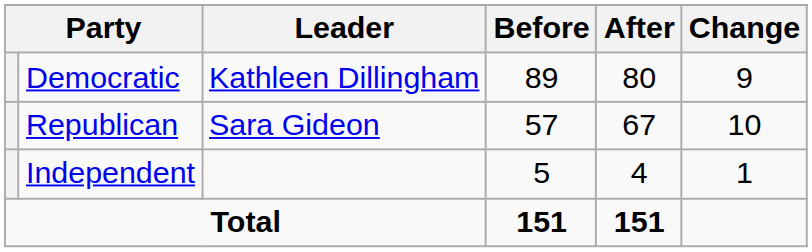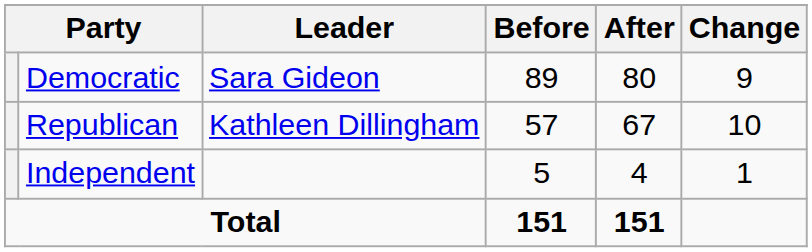 <table class="wikitable" style="text-align:center;">
 <tr>
 </tr>
 <tr>
 <th colspan=2>Party</th>
 <th>Leader</th>
 <th>Before</th>
 <th>After</th>
 <th>Change</th>
 </tr>
 <tr>
 <th style="background-color:"></th>
 <td style="text-align:left;"><a href='#'>Democratic</a></td>
-<td style="text-align:left;"><a href='#'>Kathleen Dillingham</a></td>
+<td style="text-align:left;"><a href='#'>Sara Gideon</a></td>
 <td>89</td>
 <td>80</td>
 <td> 9</td>
 </tr>
 <tr>
 <th style="background-color:"></th>
 <td style="text-align:left;"><a href='#'>Republican</a></td>
-<td style="text-align:left;"><a href='#'>Sara Gideon</a></td>
+<td style="text-align:left;"><a href='#'>Kathleen Dillingham</a></td>
 <td>57</td>
 <td>67</td>
 <td> 10</td>
 </tr>
 <tr>
 <th style="background-color:"></th>
 <td style="text-align:left;"><a href='#'>Independent</a></td>
 <td style="text-align:left;"></td>
 <td>5</td>
 <td>4</td>
 <td> 1</td>
 </tr>
 <tr>
 <td colspan=3><strong>Total</strong></td>
 <td><strong>151</strong></td>
 <td><strong>151</strong></td>
 <td></td>
 </tr>
 </table>
